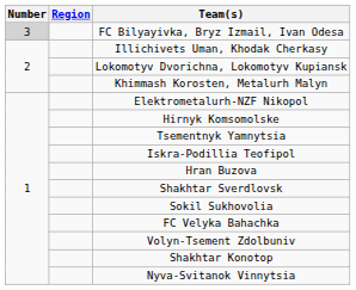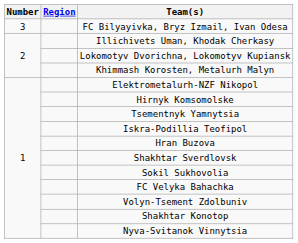 <table class="wikitable" style="text-align:center">
 <tr>
 <th>Number</th>
 <th><a href='#'>Region</a></th>
 <th>Team(s)</th>
 </tr>
 <tr>
-<td rowspan="1" style="background: lightgrey;">3</td>
+<td rowspan="1">3</td>
 <td align="left"></td>
 <td>FC Bilyayivka, Bryz Izmail, Ivan Odesa</td>
 </tr>
 <tr>
 <td rowspan="3">2</td>
 <td align="left"></td>
 <td>Illichivets Uman, Khodak Cherkasy</td>
 </tr>
 <tr>
 <td align="left"></td>
 <td>Lokomotyv Dvorichna, Lokomotyv Kupiansk</td>
 </tr>
 <tr>
 <td align="left"></td>
 <td>Khimmash Korosten, Metalurh Malyn</td>
 </tr>
 <tr>
 <td rowspan="16">1</td>
 <td align="left"></td>
 <td>Elektrometalurh-NZF Nikopol</td>
 </tr>
 <tr>
 <td align="left"></td>
 <td>Hirnyk Komsomolske</td>
 </tr>
 <tr>
 <td align="left"></td>
 <td>Tsementnyk Yamnytsia</td>
 </tr>
 <tr>
 <td align="left"></td>
 <td>Iskra-Podillia Teofipol</td>
 </tr>
 <tr>
 <td align="left"></td>
 <td>Hran Buzova</td>
 </tr>
 <tr>
 <td align="left"></td>
 <td>Shakhtar Sverdlovsk</td>
 </tr>
 <tr>
 <td align="left"></td>
 <td>Sokil Sukhovolia</td>
 </tr>
 <tr>
 <td align="left"></td>
 <td>FC Velyka Bahachka</td>
 </tr>
 <tr>
 <td align="left"></td>
 <td>Volyn-Tsement Zdolbuniv</td>
 </tr>
 <tr>
 <td align="left"></td>
 <td>Shakhtar Konotop</td>
 </tr>
 <tr>
 <td align="left"></td>
 <td>Nyva-Svitanok Vinnytsia</td>
 </tr>
 </table>
